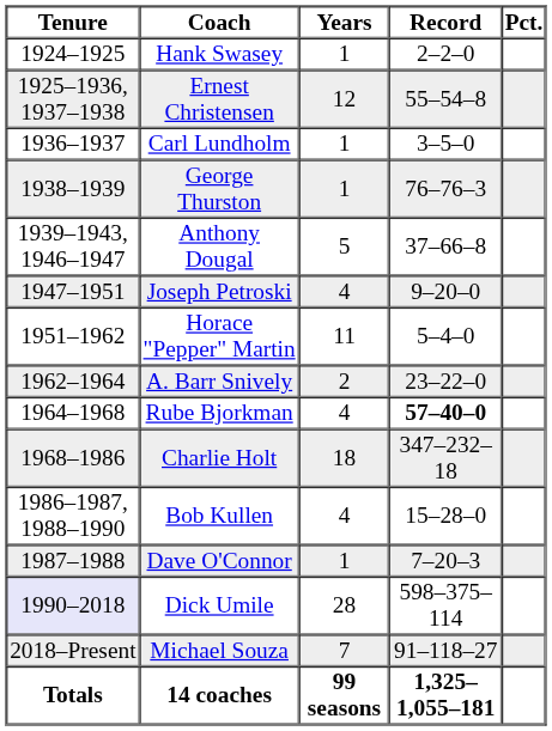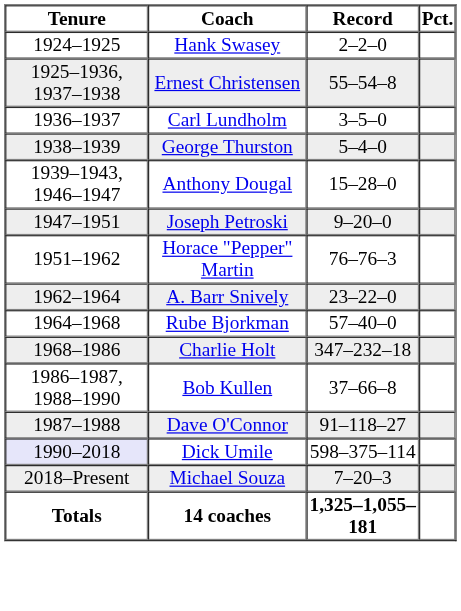 <table cellpadding="1" border="1" cellspacing="0" width="60%">
 <tr>
 <th>Tenure</th>
 <th>Coach</th>
-<th>Years</th>
 <th>Record</th>
 <th>Pct.</th>
 </tr>
 <tr align="center">
 <td>1924–1925</td>
 <td><a href='#'>Hank Swasey</a></td>
-<td>1</td>
 <td>2–2–0</td>
 <td></td>
 </tr>
 <tr align="center" bgcolor=eeeeee>
 <td>1925–1936, 1937–1938</td>
 <td><a href='#'>Ernest Christensen</a></td>
-<td>12</td>
 <td>55–54–8</td>
 <td></td>
 </tr>
 <tr align="center">
 <td>1936–1937</td>
 <td><a href='#'>Carl Lundholm</a></td>
-<td>1</td>
 <td>3–5–0</td>
 <td></td>
 </tr>
 <tr align="center" bgcolor=eeeeee>
 <td>1938–1939</td>
 <td><a href='#'>George Thurston</a></td>
-<td>1</td>
-<td>76–76–3</td>
+<td>5–4–0</td>
 <td></td>
 </tr>
 <tr align="center">
 <td>1939–1943, 1946–1947</td>
 <td><a href='#'>Anthony Dougal</a></td>
-<td>5</td>
-<td>37–66–8</td>
+<td>15–28–0</td>
 <td></td>
 </tr>
 <tr align="center" bgcolor=eeeeee>
 <td>1947–1951</td>
 <td><a href='#'>Joseph Petroski</a></td>
-<td>4</td>
 <td>9–20–0</td>
 <td></td>
 </tr>
 <tr align="center">
 <td>1951–1962</td>
 <td><a href='#'>Horace "Pepper" Martin</a></td>
-<td>11</td>
-<td>5–4–0</td>
+<td>76–76–3</td>
 <td></td>
 </tr>
 <tr align="center" bgcolor=eeeeee>
 <td>1962–1964</td>
 <td><a href='#'>A. Barr Snively</a></td>
-<td>2</td>
 <td>23–22–0</td>
 <td></td>
 </tr>
 <tr align="center">
 <td>1964–1968</td>
 <td><a href='#'>Rube Bjorkman</a></td>
-<td>4</td>
-<td><strong>57–40–0</strong></td>
+<td>57–40–0</td>
 <td></td>
 </tr>
 <tr align="center" bgcolor=eeeeee>
 <td>1968–1986</td>
 <td><a href='#'>Charlie Holt</a></td>
-<td>18</td>
 <td>347–232–18</td>
 <td></td>
 </tr>
 <tr align="center">
 <td>1986–1987, 1988–1990</td>
 <td><a href='#'>Bob Kullen</a></td>
-<td>4</td>
-<td>15–28–0</td>
+<td>37–66–8</td>
 <td></td>
 </tr>
 <tr align="center" bgcolor=eeeeee>
 <td>1987–1988</td>
 <td><a href='#'>Dave O'Connor</a></td>
-<td>1</td>
-<td>7–20–3</td>
+<td>91–118–27</td>
 <td></td>
 </tr>
 <tr align="center">
 <td style="background: lavender;">1990–2018</td>
 <td><a href='#'>Dick Umile</a></td>
-<td>28</td>
 <td>598–375–114</td>
 <td></td>
 </tr>
 <tr align="center" bgcolor=eeeeee>
 <td>2018–Present</td>
 <td><a href='#'>Michael Souza</a></td>
-<td>7</td>
-<td>91–118–27</td>
+<td>7–20–3</td>
 <td></td>
 </tr>
 <tr align=center>
 <th>Totals</th>
 <th>14 coaches</th>
-<th>99 seasons</th>
 <th>1,325–1,055–181</th>
 <th></th>
 </tr>
 </table>
